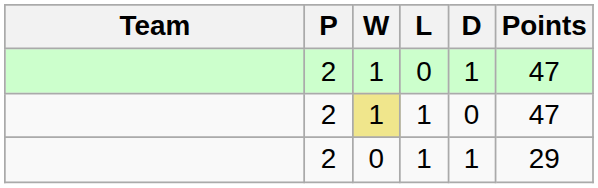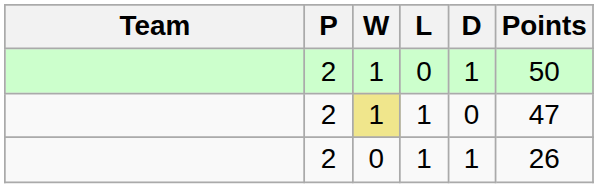 <table class="wikitable">
 <tr>
 <th width=165>Team</th>
 <th width=20>P</th>
 <th width=20>W</th>
 <th width=20>L</th>
 <th width=20>D</th>
 <th width=20>Points</th>
 </tr>
 <tr align=center bgcolor=ccffcc>
 <td style="text-align:left;"></td>
 <td>2</td>
 <td>1</td>
 <td>0</td>
 <td>1</td>
-<td>47</td>
+<td>50</td>
 </tr>
 <tr align=center>
 <td style="text-align:left;"></td>
 <td>2</td>
 <td style="background: khaki;">1</td>
 <td>1</td>
 <td>0</td>
 <td>47</td>
 </tr>
 <tr align=center>
 <td style="text-align:left;"></td>
 <td>2</td>
 <td>0</td>
 <td>1</td>
 <td>1</td>
-<td>29</td>
+<td>26</td>
 </tr>
 </table>
